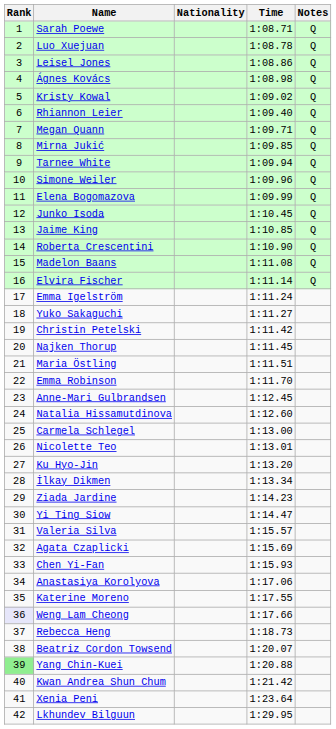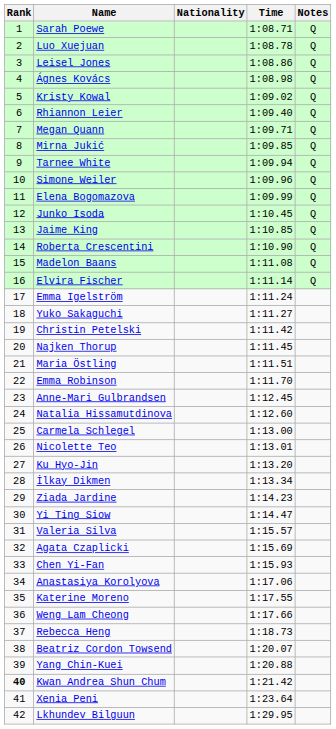 <table class="wikitable sortable" style="text-align:center">
 <tr>
 <th>Rank</th>
 <th>Name</th>
 <th>Nationality</th>
 <th>Time</th>
 <th>Notes</th>
 </tr>
 <tr bgcolor=ccffcc>
 <td>1</td>
 <td align=left><a href='#'>Sarah Poewe</a></td>
 <td align=left></td>
 <td>1:08.71</td>
 <td>Q</td>
 </tr>
 <tr bgcolor=ccffcc>
 <td>2</td>
 <td align=left><a href='#'>Luo Xuejuan</a></td>
 <td align=left></td>
 <td>1:08.78</td>
 <td>Q</td>
 </tr>
 <tr bgcolor=ccffcc>
 <td>3</td>
 <td align=left><a href='#'>Leisel Jones</a></td>
 <td align=left></td>
 <td>1:08.86</td>
 <td>Q</td>
 </tr>
 <tr bgcolor=ccffcc>
 <td>4</td>
 <td align=left><a href='#'>Ágnes Kovács</a></td>
 <td align=left></td>
 <td>1:08.98</td>
 <td>Q</td>
 </tr>
 <tr bgcolor=ccffcc>
 <td>5</td>
 <td align=left><a href='#'>Kristy Kowal</a></td>
 <td align=left></td>
 <td>1:09.02</td>
 <td>Q</td>
 </tr>
 <tr bgcolor=ccffcc>
 <td>6</td>
 <td align=left><a href='#'>Rhiannon Leier</a></td>
 <td align=left></td>
 <td>1:09.40</td>
 <td>Q</td>
 </tr>
 <tr bgcolor=ccffcc>
 <td>7</td>
 <td align=left><a href='#'>Megan Quann</a></td>
 <td align=left></td>
 <td>1:09.71</td>
 <td>Q</td>
 </tr>
 <tr bgcolor=ccffcc>
 <td>8</td>
 <td align=left><a href='#'>Mirna Jukić</a></td>
 <td align=left></td>
 <td>1:09.85</td>
 <td>Q</td>
 </tr>
 <tr bgcolor=ccffcc>
 <td>9</td>
 <td align=left><a href='#'>Tarnee White</a></td>
 <td align=left></td>
 <td>1:09.94</td>
 <td>Q</td>
 </tr>
 <tr bgcolor=ccffcc>
 <td>10</td>
 <td align=left><a href='#'>Simone Weiler</a></td>
 <td align=left></td>
 <td>1:09.96</td>
 <td>Q</td>
 </tr>
 <tr bgcolor=ccffcc>
 <td>11</td>
 <td align=left><a href='#'>Elena Bogomazova</a></td>
 <td align=left></td>
 <td>1:09.99</td>
 <td>Q</td>
 </tr>
 <tr bgcolor=ccffcc>
 <td>12</td>
 <td align=left><a href='#'>Junko Isoda</a></td>
 <td align=left></td>
 <td>1:10.45</td>
 <td>Q</td>
 </tr>
 <tr bgcolor=ccffcc>
 <td>13</td>
 <td align=left><a href='#'>Jaime King</a></td>
 <td align=left></td>
 <td>1:10.85</td>
 <td>Q</td>
 </tr>
 <tr bgcolor=ccffcc>
 <td>14</td>
 <td align=left><a href='#'>Roberta Crescentini</a></td>
 <td align=left></td>
 <td>1:10.90</td>
 <td>Q</td>
 </tr>
 <tr bgcolor=ccffcc>
 <td>15</td>
 <td align=left><a href='#'>Madelon Baans</a></td>
 <td align=left></td>
 <td>1:11.08</td>
 <td>Q</td>
 </tr>
 <tr bgcolor=ccffcc>
 <td>16</td>
 <td align=left><a href='#'>Elvira Fischer</a></td>
 <td align=left></td>
 <td>1:11.14</td>
 <td>Q</td>
 </tr>
 <tr>
 <td>17</td>
 <td align=left><a href='#'>Emma Igelström</a></td>
 <td align=left></td>
 <td>1:11.24</td>
 <td></td>
 </tr>
 <tr>
 <td>18</td>
 <td align=left><a href='#'>Yuko Sakaguchi</a></td>
 <td align=left></td>
 <td>1:11.27</td>
 <td></td>
 </tr>
 <tr>
 <td>19</td>
 <td align=left><a href='#'>Christin Petelski</a></td>
 <td align=left></td>
 <td>1:11.42</td>
 <td></td>
 </tr>
 <tr>
 <td>20</td>
 <td align=left><a href='#'>Najken Thorup</a></td>
 <td align=left></td>
 <td>1:11.45</td>
 <td></td>
 </tr>
 <tr>
 <td>21</td>
 <td align=left><a href='#'>Maria Östling</a></td>
 <td align=left></td>
 <td>1:11.51</td>
 <td></td>
 </tr>
 <tr>
 <td>22</td>
 <td align=left><a href='#'>Emma Robinson</a></td>
 <td align=left></td>
 <td>1:11.70</td>
 <td></td>
 </tr>
 <tr>
 <td>23</td>
 <td align=left><a href='#'>Anne-Mari Gulbrandsen</a></td>
 <td align=left></td>
 <td>1:12.45</td>
 <td></td>
 </tr>
 <tr>
 <td>24</td>
 <td align=left><a href='#'>Natalia Hissamutdinova</a></td>
 <td align=left></td>
 <td>1:12.60</td>
 <td></td>
 </tr>
 <tr>
 <td>25</td>
 <td align=left><a href='#'>Carmela Schlegel</a></td>
 <td align=left></td>
 <td>1:13.00</td>
 <td></td>
 </tr>
 <tr>
 <td>26</td>
 <td align=left><a href='#'>Nicolette Teo</a></td>
 <td align=left></td>
 <td>1:13.01</td>
 <td></td>
 </tr>
 <tr>
 <td>27</td>
 <td align=left><a href='#'>Ku Hyo-Jin</a></td>
 <td align=left></td>
 <td>1:13.20</td>
 <td></td>
 </tr>
 <tr>
 <td>28</td>
 <td align=left><a href='#'>İlkay Dikmen</a></td>
 <td align=left></td>
 <td>1:13.34</td>
 <td></td>
 </tr>
 <tr>
 <td>29</td>
 <td align=left><a href='#'>Ziada Jardine</a></td>
 <td align=left></td>
 <td>1:14.23</td>
 <td></td>
 </tr>
 <tr>
 <td>30</td>
 <td align=left><a href='#'>Yi Ting Siow</a></td>
 <td align=left></td>
 <td>1:14.47</td>
 <td></td>
 </tr>
 <tr>
 <td>31</td>
 <td align=left><a href='#'>Valeria Silva</a></td>
 <td align=left></td>
 <td>1:15.57</td>
 <td></td>
 </tr>
 <tr>
 <td>32</td>
 <td align=left><a href='#'>Agata Czaplicki</a></td>
 <td align=left></td>
 <td>1:15.69</td>
 <td></td>
 </tr>
 <tr>
 <td>33</td>
 <td align=left><a href='#'>Chen Yi-Fan</a></td>
 <td align=left></td>
 <td>1:15.93</td>
 <td></td>
 </tr>
 <tr>
 <td>34</td>
 <td align=left><a href='#'>Anastasiya Korolyova</a></td>
 <td align=left></td>
 <td>1:17.06</td>
 <td></td>
 </tr>
 <tr>
 <td>35</td>
 <td align=left><a href='#'>Katerine Moreno</a></td>
 <td align=left></td>
 <td>1:17.55</td>
 <td></td>
 </tr>
 <tr>
-<td style="background: lavender;">36</td>
+<td>36</td>
 <td align=left><a href='#'>Weng Lam Cheong</a></td>
 <td align=left></td>
 <td>1:17.66</td>
 <td></td>
 </tr>
 <tr>
 <td>37</td>
 <td align=left><a href='#'>Rebecca Heng</a></td>
 <td align=left></td>
 <td>1:18.73</td>
 <td></td>
 </tr>
 <tr>
 <td>38</td>
 <td align=left><a href='#'>Beatriz Cordon Towsend</a></td>
 <td align=left></td>
 <td>1:20.07</td>
 <td></td>
 </tr>
 <tr>
-<td style="background: lightgreen;">39</td>
+<td>39</td>
 <td align=left><a href='#'>Yang Chin-Kuei</a></td>
 <td align=left></td>
 <td>1:20.88</td>
 <td></td>
 </tr>
 <tr>
-<td>40</td>
+<td><strong>40</strong></td>
 <td align=left><a href='#'>Kwan Andrea Shun Chum</a></td>
 <td align=left></td>
 <td>1:21.42</td>
 <td></td>
 </tr>
 <tr>
 <td>41</td>
 <td align=left><a href='#'>Xenia Peni</a></td>
 <td align=left></td>
 <td>1:23.64</td>
 <td></td>
 </tr>
 <tr>
 <td>42</td>
 <td align=left><a href='#'>Lkhundev Bilguun</a></td>
 <td align=left></td>
 <td>1:29.95</td>
 <td></td>
 </tr>
 </table>
